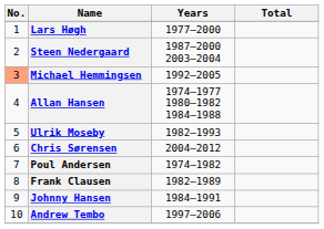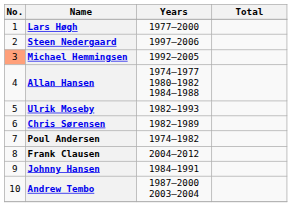 <table class="wikitable plainrowheaders sortable" style="text-align: center;">
 <tr>
 <th scope=col>No.</th>
 <th scope=col width="150px">Name</th>
 <th scope=col width="100px">Years</th>
 <th scope=col width="100px">Total</th>
 </tr>
 <tr>
 </tr>
 <tr>
 <td>1</td>
 <th scope=row style="text-align:left;"><a href='#'>Lars Høgh</a></th>
 <td>1977–2000</td>
 <td></td>
 </tr>
 <tr>
 <td>2</td>
 <th scope=row style="text-align:left;"><a href='#'>Steen Nedergaard</a></th>
-<td>1987–2000<br>2003–2004</td>
+<td>1997–2006</td>
 <td></td>
 </tr>
 <tr>
 <td style="background: lightsalmon;">3</td>
 <th scope=row style="text-align:left;"><a href='#'>Michael Hemmingsen</a></th>
 <td>1992–2005</td>
 <td></td>
 </tr>
 <tr>
 <td>4</td>
 <th scope=row style="text-align:left;"><a href='#'>Allan Hansen</a></th>
 <td>1974–1977<br>1980–1982<br>1984–1988</td>
 <td></td>
 </tr>
 <tr>
 <td>5</td>
 <th scope=row style="text-align:left;"><a href='#'>Ulrik Moseby</a></th>
 <td>1982–1993</td>
 <td></td>
 </tr>
 <tr>
 <td>6</td>
 <th scope=row style="text-align:left;"><a href='#'>Chris Sørensen</a></th>
-<td>2004–2012</td>
+<td>1982–1989</td>
 <td></td>
 </tr>
 <tr>
 <td>7</td>
 <th scope=row style="text-align:left;">Poul Andersen</th>
 <td>1974–1982</td>
 <td></td>
 </tr>
 <tr>
 <td>8</td>
 <th scope=row style="text-align:left;">Frank Clausen</th>
-<td>1982–1989</td>
+<td>2004–2012</td>
 <td></td>
 </tr>
 <tr>
 <td>9</td>
 <th scope=row style="text-align:left;"><a href='#'>Johnny Hansen</a></th>
 <td>1984–1991</td>
 <td></td>
 </tr>
 <tr>
 <td>10</td>
 <th scope=row style="text-align:left;"><a href='#'>Andrew Tembo</a></th>
-<td>1997–2006</td>
+<td>1987–2000<br>2003–2004</td>
 <td></td>
 </tr>
 <tr>
 </tr>
 </table>
